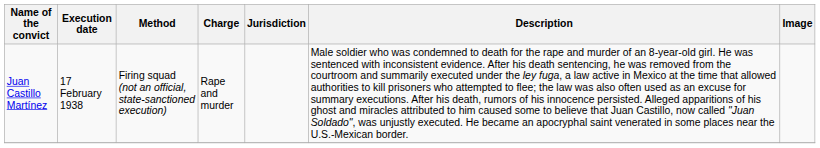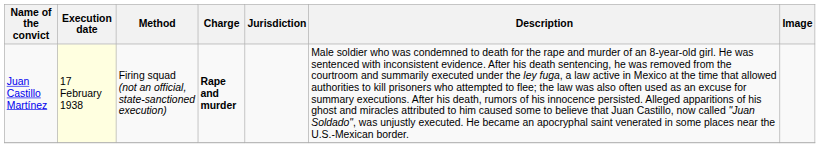 <table class="wikitable">
 <tr --->
 <th>Name of the convict</th>
 <th>Execution date</th>
 <th>Method</th>
 <th>Charge</th>
 <th>Jurisdiction</th>
 <th>Description</th>
 <th>Image</th>
 </tr>
 <tr>
 <td><a href='#'>Juan Castillo Martínez</a></td>
-<td>17 February 1938</td>
+<td style="background: lightyellow;">17 February 1938</td>
 <td>Firing squad <em>(not an official, state-sanctioned execution)</em></td>
-<td>Rape and murder</td>
+<td><strong>Rape and murder</strong></td>
 <td></td>
 <td>Male soldier who was condemned to death for the rape and murder of an 8-year-old girl. He was sentenced with inconsistent evidence. After his death sentencing, he was removed from the courtroom and summarily executed under the <em>ley fuga</em>, a law active in Mexico at the time that allowed authorities to kill prisoners who attempted to flee; the law was also often used as an excuse for summary executions. After his death, rumors of his innocence persisted. Alleged apparitions of his ghost and miracles attributed to him caused some to believe that Juan Castillo, now called <em>"Juan Soldado"</em>, was unjustly executed. He became an apocryphal saint venerated in some places near the U.S.-Mexican border.</td>
 <td></td>
 </tr>
 <tr>
 </tr>
 </table>
